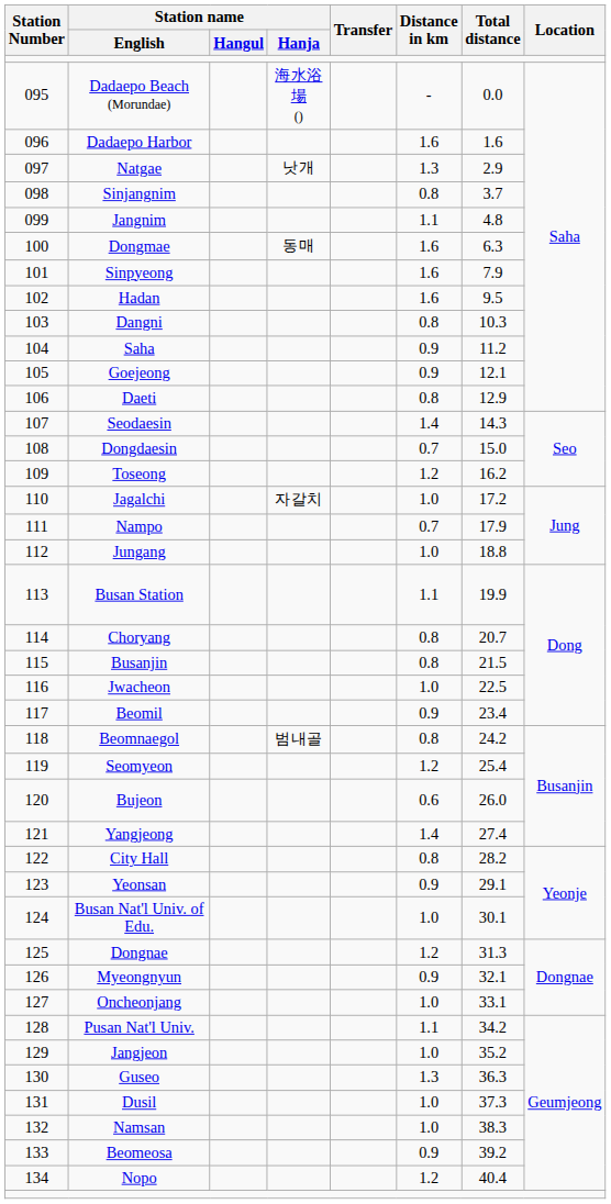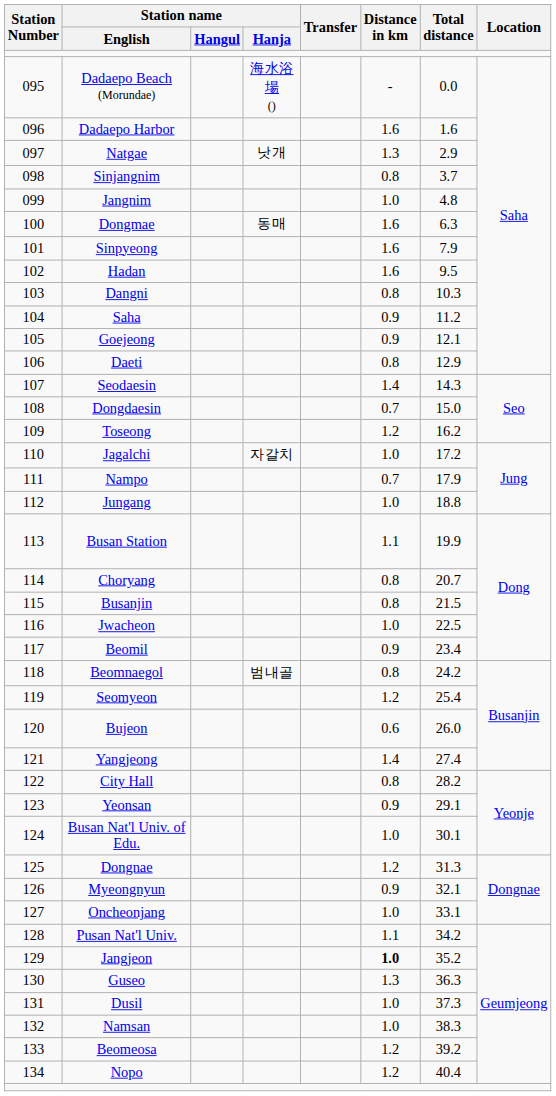 <table class="wikitable" style="text-align:center;">
 <tr>
 <th rowspan="2">Station<br>Number</th>
 <th colspan="3">Station name</th>
 <th rowspan="2">Transfer</th>
 <th rowspan="2">Distance<br>in km</th>
 <th rowspan="2">Total<br>distance</th>
 <th rowspan="2">Location</th>
 </tr>
 <tr>
 <th>English</th>
 <th><a href='#'>Hangul</a></th>
 <th><a href='#'>Hanja</a></th>
 </tr>
 <tr style="background:#">
 <td colspan="9"></td>
 </tr>
 <tr>
 <td>095</td>
 <td><a href='#'>Dadaepo Beach</a><br><small>(Morundae)</small></td>
 <td><br><small></small></td>
 <td><a href='#'>海水浴場</a><br><small>()</small></td>
 <td></td>
 <td>-</td>
 <td>0.0</td>
 <td rowspan="12"><a href='#'>Saha</a></td>
 </tr>
 <tr>
 <td>096</td>
 <td><a href='#'>Dadaepo Harbor</a></td>
 <td></td>
 <td></td>
 <td></td>
 <td>1.6</td>
 <td>1.6</td>
 </tr>
 <tr>
 <td>097</td>
 <td><a href='#'>Natgae</a></td>
 <td></td>
 <td>낫개</td>
 <td></td>
 <td>1.3</td>
 <td>2.9</td>
 </tr>
 <tr>
 <td>098</td>
 <td><a href='#'>Sinjangnim</a></td>
 <td></td>
 <td></td>
 <td></td>
 <td>0.8</td>
 <td>3.7</td>
 </tr>
 <tr>
 <td>099</td>
 <td><a href='#'>Jangnim</a></td>
 <td></td>
 <td></td>
 <td></td>
-<td>1.1</td>
+<td>1.0</td>
 <td>4.8</td>
 </tr>
 <tr>
 <td>100</td>
 <td><a href='#'>Dongmae</a></td>
 <td></td>
 <td>동매</td>
 <td></td>
 <td>1.6</td>
 <td>6.3</td>
 </tr>
 <tr>
 <td>101</td>
 <td><a href='#'>Sinpyeong</a></td>
 <td></td>
 <td></td>
 <td></td>
 <td>1.6</td>
 <td>7.9</td>
 </tr>
 <tr>
 <td>102</td>
 <td><a href='#'>Hadan</a></td>
 <td></td>
 <td></td>
 <td></td>
 <td>1.6</td>
 <td>9.5</td>
 </tr>
 <tr>
 <td>103</td>
 <td><a href='#'>Dangni</a></td>
 <td><br><small></small></td>
 <td></td>
 <td></td>
 <td>0.8</td>
 <td>10.3</td>
 </tr>
 <tr>
 <td>104</td>
 <td><a href='#'>Saha</a></td>
 <td></td>
 <td></td>
 <td></td>
 <td>0.9</td>
 <td>11.2</td>
 </tr>
 <tr>
 <td>105</td>
 <td><a href='#'>Goejeong</a></td>
 <td></td>
 <td></td>
 <td></td>
 <td>0.9</td>
 <td>12.1</td>
 </tr>
 <tr>
 <td>106</td>
 <td><a href='#'>Daeti</a></td>
 <td><br><small></small></td>
 <td></td>
 <td></td>
 <td>0.8</td>
 <td>12.9</td>
 </tr>
 <tr>
 <td>107</td>
 <td><a href='#'>Seodaesin</a></td>
 <td></td>
 <td></td>
 <td></td>
 <td>1.4</td>
 <td>14.3</td>
 <td rowspan="3"><a href='#'>Seo</a></td>
 </tr>
 <tr>
 <td>108</td>
 <td><a href='#'>Dongdaesin</a></td>
 <td></td>
 <td></td>
 <td></td>
 <td>0.7</td>
 <td>15.0</td>
 </tr>
 <tr>
 <td>109</td>
 <td><a href='#'>Toseong</a></td>
 <td></td>
 <td></td>
 <td></td>
 <td>1.2</td>
 <td>16.2</td>
 </tr>
 <tr>
 <td>110</td>
 <td><a href='#'>Jagalchi</a></td>
 <td></td>
 <td>자갈치</td>
 <td></td>
 <td>1.0</td>
 <td>17.2</td>
 <td rowspan="3"><a href='#'>Jung</a></td>
 </tr>
 <tr>
 <td>111</td>
 <td><a href='#'>Nampo</a></td>
 <td></td>
 <td></td>
 <td></td>
 <td>0.7</td>
 <td>17.9</td>
 </tr>
 <tr>
 <td>112</td>
 <td><a href='#'>Jungang</a></td>
 <td><br><small></small></td>
 <td></td>
 <td></td>
 <td>1.0</td>
 <td>18.8</td>
 </tr>
 <tr>
 <td>113</td>
 <td><a href='#'>Busan Station</a></td>
 <td></td>
 <td></td>
 <td><br><br><br></td>
 <td>1.1</td>
 <td>19.9</td>
 <td rowspan="5"><a href='#'>Dong</a></td>
 </tr>
 <tr>
 <td>114</td>
 <td><a href='#'>Choryang</a></td>
 <td></td>
 <td></td>
 <td></td>
 <td>0.8</td>
 <td>20.7</td>
 </tr>
 <tr>
 <td>115</td>
 <td><a href='#'>Busanjin</a></td>
 <td></td>
 <td></td>
 <td><br></td>
 <td>0.8</td>
 <td>21.5</td>
 </tr>
 <tr>
 <td>116</td>
 <td><a href='#'>Jwacheon</a></td>
 <td><br><small></small></td>
 <td></td>
 <td></td>
 <td>1.0</td>
 <td>22.5</td>
 </tr>
 <tr>
 <td>117</td>
 <td><a href='#'>Beomil</a></td>
 <td></td>
 <td></td>
 <td></td>
 <td>0.9</td>
 <td>23.4</td>
 </tr>
 <tr>
 <td>118</td>
 <td><a href='#'>Beomnaegol</a></td>
 <td></td>
 <td>범내골</td>
 <td></td>
 <td>0.8</td>
 <td>24.2</td>
 <td rowspan="4"><a href='#'>Busanjin</a></td>
 </tr>
 <tr>
 <td>119</td>
 <td><a href='#'>Seomyeon</a></td>
 <td></td>
 <td></td>
 <td></td>
 <td>1.2</td>
 <td>25.4</td>
 </tr>
 <tr>
 <td>120</td>
 <td><a href='#'>Bujeon</a></td>
 <td></td>
 <td></td>
 <td><br><br></td>
 <td>0.6</td>
 <td>26.0</td>
 </tr>
 <tr>
 <td>121</td>
 <td><a href='#'>Yangjeong</a></td>
 <td><br><small></small></td>
 <td></td>
 <td></td>
 <td>1.4</td>
 <td>27.4</td>
 </tr>
 <tr>
 <td>122</td>
 <td><a href='#'>City Hall</a></td>
 <td><br><small></small></td>
 <td></td>
 <td></td>
 <td>0.8</td>
 <td>28.2</td>
 <td rowspan="3"><a href='#'>Yeonje</a></td>
 </tr>
 <tr>
 <td>123</td>
 <td><a href='#'>Yeonsan</a></td>
 <td></td>
 <td></td>
 <td></td>
 <td>0.9</td>
 <td>29.1</td>
 </tr>
 <tr>
 <td>124</td>
 <td><a href='#'>Busan Nat'l Univ. of Edu.</a></td>
 <td></td>
 <td></td>
 <td></td>
 <td>1.0</td>
 <td>30.1</td>
 </tr>
 <tr>
 <td>125</td>
 <td><a href='#'>Dongnae</a></td>
 <td></td>
 <td></td>
 <td></td>
 <td>1.2</td>
 <td>31.3</td>
 <td rowspan="3"><a href='#'>Dongnae</a></td>
 </tr>
 <tr>
 <td>126</td>
 <td><a href='#'>Myeongnyun</a></td>
 <td></td>
 <td></td>
 <td></td>
 <td>0.9</td>
 <td>32.1</td>
 </tr>
 <tr>
 <td>127</td>
 <td><a href='#'>Oncheonjang</a></td>
 <td><br><small></small></td>
 <td></td>
 <td></td>
 <td>1.0</td>
 <td>33.1</td>
 </tr>
 <tr>
 <td>128</td>
 <td><a href='#'>Pusan Nat'l Univ.</a></td>
 <td></td>
 <td></td>
 <td></td>
 <td>1.1</td>
 <td>34.2</td>
 <td rowspan="7"><a href='#'>Geumjeong</a></td>
 </tr>
 <tr>
 <td>129</td>
 <td><a href='#'>Jangjeon</a></td>
 <td><br><small></small></td>
 <td></td>
 <td></td>
-<td>1.0</td>
+<td><strong>1.0</strong></td>
 <td>35.2</td>
 </tr>
 <tr>
 <td>130</td>
 <td><a href='#'>Guseo</a></td>
 <td></td>
 <td></td>
 <td></td>
 <td>1.3</td>
 <td>36.3</td>
 </tr>
 <tr>
 <td>131</td>
 <td><a href='#'>Dusil</a></td>
 <td></td>
 <td></td>
 <td></td>
 <td>1.0</td>
 <td>37.3</td>
 </tr>
 <tr>
 <td>132</td>
 <td><a href='#'>Namsan</a></td>
 <td></td>
 <td></td>
 <td></td>
 <td>1.0</td>
 <td>38.3</td>
 </tr>
 <tr>
 <td>133</td>
 <td><a href='#'>Beomeosa</a></td>
 <td></td>
 <td></td>
 <td></td>
-<td>0.9</td>
+<td>1.2</td>
 <td>39.2</td>
 </tr>
 <tr>
 <td>134</td>
 <td><a href='#'>Nopo</a></td>
 <td><br><small></small></td>
 <td></td>
 <td></td>
 <td>1.2</td>
 <td>40.4</td>
 </tr>
 <tr style="background:#">
 <td colspan="9"></td>
 </tr>
 </table>
